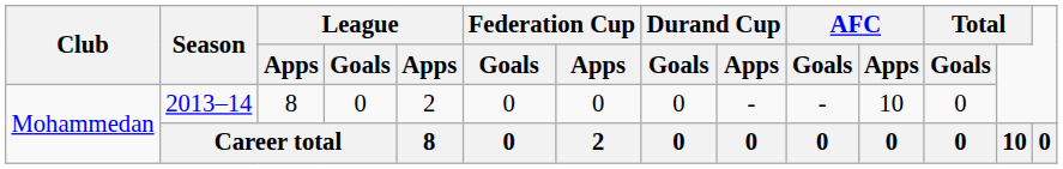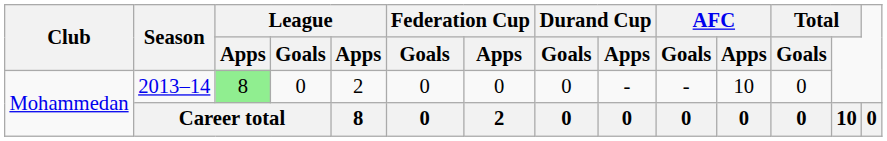 <table class="wikitable" style="text-align: center;">
 <tr>
 <th rowspan="2">Club</th>
 <th rowspan="2">Season</th>
 <th colspan="3">League</th>
 <th colspan="2">Federation Cup</th>
 <th colspan="2">Durand Cup</th>
 <th colspan="2"><a href='#'>AFC</a></th>
 <th colspan="2">Total</th>
 </tr>
 <tr>
 <th>Apps</th>
 <th>Goals</th>
 <th>Apps</th>
 <th>Goals</th>
 <th>Apps</th>
 <th>Goals</th>
 <th>Apps</th>
 <th>Goals</th>
 <th>Apps</th>
 <th>Goals</th>
 </tr>
 <tr>
 <td rowspan="2"><a href='#'>Mohammedan</a></td>
 <td><a href='#'>2013–14</a></td>
-<td>8</td>
+<td style="background: lightgreen;">8</td>
 <td>0</td>
 <td>2</td>
 <td>0</td>
 <td>0</td>
 <td>0</td>
 <td>-</td>
 <td>-</td>
 <td>10</td>
 <td>0</td>
 </tr>
 <tr>
 <th colspan="3">Career total</th>
 <th>8</th>
 <th>0</th>
 <th>2</th>
 <th>0</th>
 <th>0</th>
 <th>0</th>
 <th>0</th>
 <th>0</th>
 <th>10</th>
 <th>0</th>
 </tr>
 </table>
